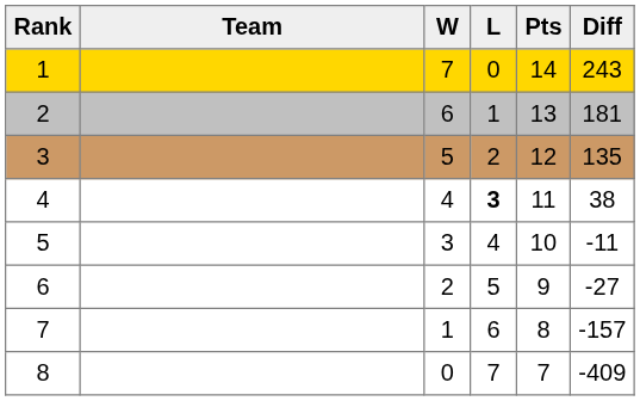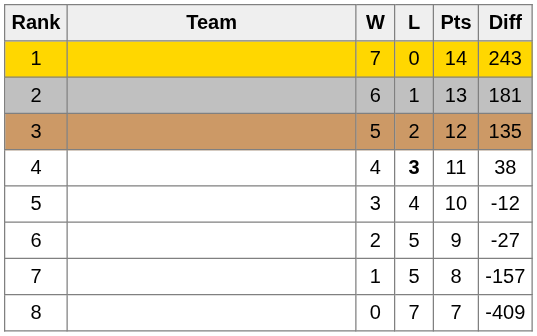 <table style=border-collapse:collapse border=1 cellspacing=0 cellpadding=5>
 <tr align=center bgcolor=#efefef>
 <th width=20>Rank</th>
 <th width=220>Team</th>
 <th width=20>W</th>
 <th width=20>L</th>
 <th width=20>Pts</th>
 <th width=20>Diff</th>
 </tr>
 <tr align=center bgcolor=gold>
 <td>1</td>
 <td align=left></td>
 <td>7</td>
 <td>0</td>
 <td>14</td>
 <td>243</td>
 </tr>
 <tr align=center bgcolor=silver>
 <td>2</td>
 <td align=left></td>
 <td>6</td>
 <td>1</td>
 <td>13</td>
 <td>181</td>
 </tr>
 <tr align=center bgcolor=cc9966>
 <td>3</td>
 <td align=left></td>
 <td>5</td>
 <td>2</td>
 <td>12</td>
 <td>135</td>
 </tr>
 <tr align=center>
 <td>4</td>
 <td align=left></td>
 <td>4</td>
 <td><strong>3</strong></td>
 <td>11</td>
 <td>38</td>
 </tr>
 <tr align=center>
 <td>5</td>
 <td align=left></td>
 <td>3</td>
 <td>4</td>
 <td>10</td>
-<td>-11</td>
+<td>-12</td>
 </tr>
 <tr align=center>
 <td>6</td>
 <td align=left></td>
 <td>2</td>
 <td>5</td>
 <td>9</td>
 <td>-27</td>
 </tr>
 <tr align=center>
 <td>7</td>
 <td align=left></td>
 <td>1</td>
-<td>6</td>
+<td>5</td>
 <td>8</td>
 <td>-157</td>
 </tr>
 <tr align=center>
 <td>8</td>
 <td align=left></td>
 <td>0</td>
 <td>7</td>
 <td>7</td>
 <td>-409</td>
 </tr>
 </table>
